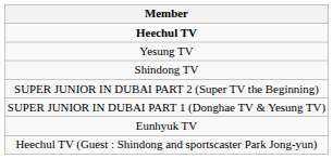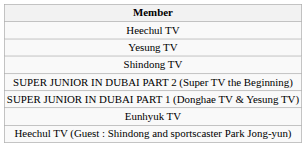 <table class="wikitable" style="text-align:center">
 <tr>
 <th>Member</th>
 </tr>
 <tr>
-<td><strong>Heechul TV</strong></td>
+<td>Heechul TV</td>
 </tr>
 <tr>
 <td>Yesung TV</td>
 </tr>
 <tr>
 <td>Shindong TV</td>
 </tr>
 <tr>
 <td>SUPER JUNIOR IN DUBAI PART 2 (Super TV the Beginning)</td>
 </tr>
 <tr>
 <td>SUPER JUNIOR IN DUBAI PART 1 (Donghae TV & Yesung TV)</td>
 </tr>
 <tr>
 <td>Eunhyuk TV</td>
 </tr>
 <tr>
 <td>Heechul TV (Guest : Shindong and sportscaster Park Jong-yun)</td>
 </tr>
 </table>
